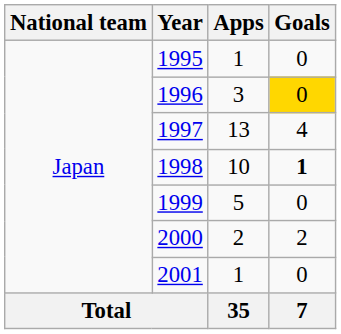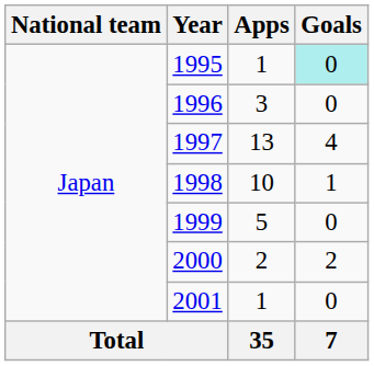 <table class="wikitable" style="text-align:center">
 <tr>
 <th>National team</th>
 <th>Year</th>
 <th>Apps</th>
 <th>Goals</th>
 </tr>
 <tr>
 <td rowspan="7"><a href='#'>Japan</a></td>
 <td><a href='#'>1995</a></td>
 <td>1</td>
-<td>0</td>
+<td style="background: paleturquoise;">0</td>
 </tr>
 <tr>
 <td><a href='#'>1996</a></td>
 <td>3</td>
-<td style="background: gold;">0</td>
+<td>0</td>
 </tr>
 <tr>
 <td><a href='#'>1997</a></td>
 <td>13</td>
 <td>4</td>
 </tr>
 <tr>
 <td><a href='#'>1998</a></td>
 <td>10</td>
-<td><strong>1</strong></td>
+<td>1</td>
 </tr>
 <tr>
 <td><a href='#'>1999</a></td>
 <td>5</td>
 <td>0</td>
 </tr>
 <tr>
 <td><a href='#'>2000</a></td>
 <td>2</td>
 <td>2</td>
 </tr>
 <tr>
 <td><a href='#'>2001</a></td>
 <td>1</td>
 <td>0</td>
 </tr>
 <tr>
 <th colspan="2">Total</th>
 <th>35</th>
 <th>7</th>
 </tr>
 </table>
